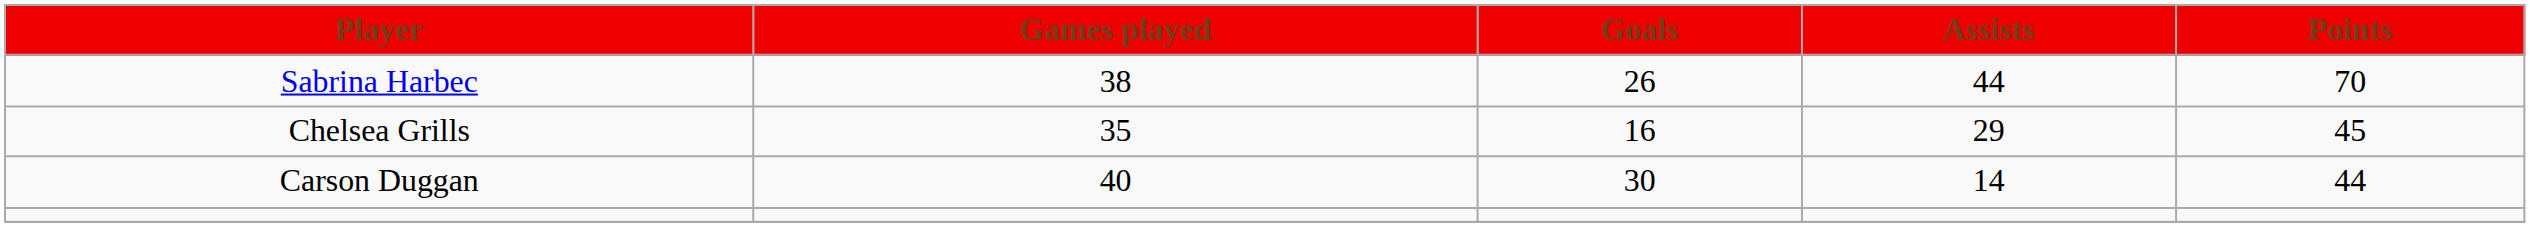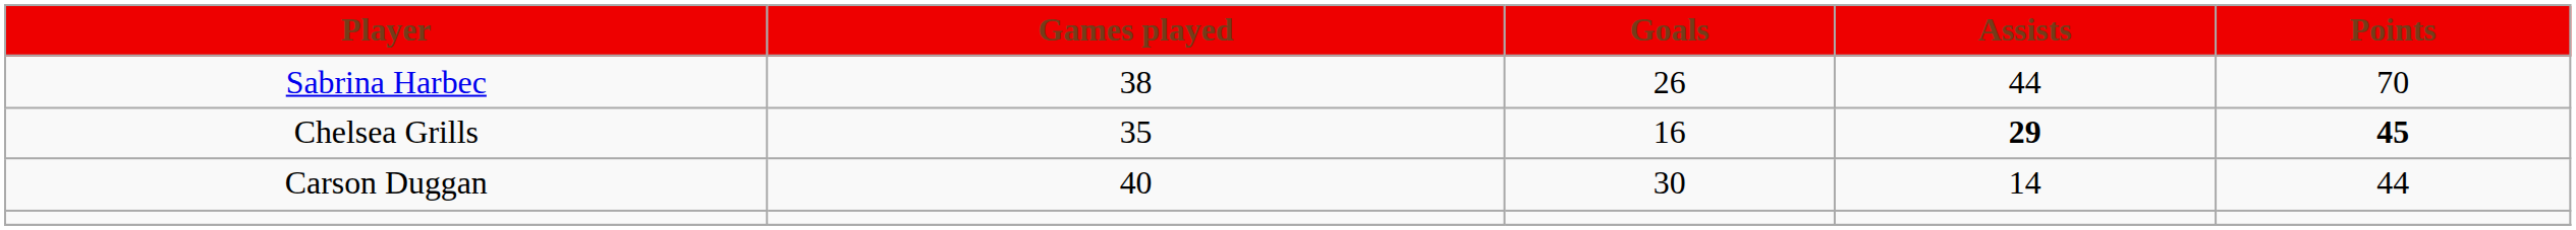 <table class="wikitable" width="80%">
 <tr align="center"  style="background:#EE0000;color:#733D1A;">
 <td><strong>Player</strong></td>
 <td><strong>Games played</strong></td>
 <td><strong>Goals</strong></td>
 <td><strong>Assists</strong></td>
 <td><strong>Points</strong></td>
 </tr>
 <tr align="center" bgcolor="">
 <td><a href='#'>Sabrina Harbec</a></td>
 <td>38</td>
 <td>26</td>
 <td>44</td>
 <td>70</td>
 </tr>
 <tr align="center" bgcolor="">
 <td>Chelsea Grills</td>
 <td>35</td>
 <td>16</td>
-<td>29</td>
-<td>45</td>
+<td><strong>29</strong></td>
+<td><strong>45</strong></td>
 </tr>
 <tr align="center" bgcolor="">
 <td>Carson Duggan</td>
 <td>40</td>
 <td>30</td>
 <td>14</td>
 <td>44</td>
 </tr>
 <tr align="center" bgcolor="">
 <td></td>
 <td></td>
 <td></td>
 <td></td>
 <td></td>
 </tr>
 <tr align="center" bgcolor="">
 </tr>
 </table>
